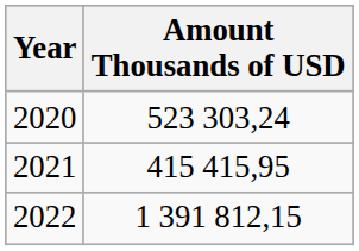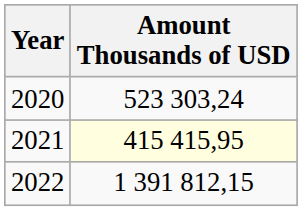 <table class="wikitable" style="text-align:center;">
 <tr>
 <th>Year</th>
 <th>Amount<br>Thousands of USD</th>
 </tr>
 <tr>
 <td>2020</td>
 <td>523 303,24</td>
 </tr>
 <tr>
 <td>2021</td>
-<td>415 415,95 </td>
+<td style="background: lightyellow;">415 415,95 </td>
 </tr>
 <tr>
 <td>2022</td>
 <td>1 391 812,15 </td>
 </tr>
 </table>
